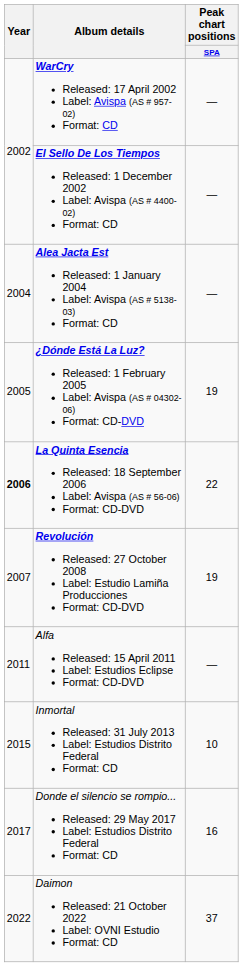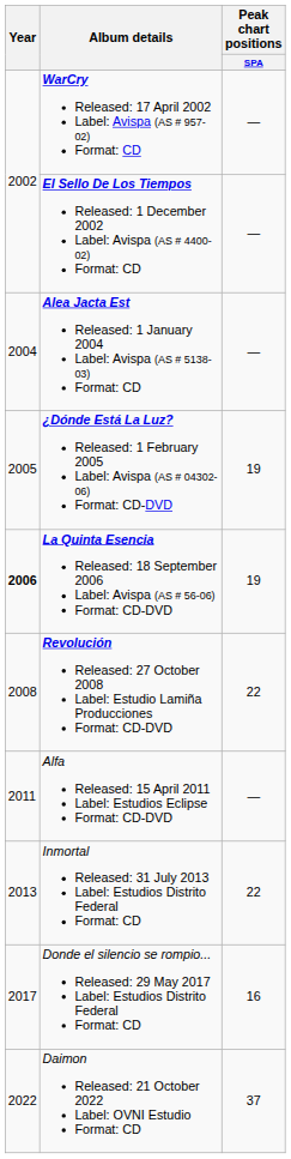 <table class ="wikitable">
 <tr>
 <th rowspan="2">Year</th>
 <th rowspan="2" width="220">Album details</th>
 <th colspan="1">Peak chart positions</th>
 </tr>
 <tr>
 <th style="width:3em;font-size:75%";center><a href='#'>SPA</a><br></th>
 </tr>
 <tr>
 <td align="center" rowspan="2">2002</td>
 <td><strong><em><a href='#'>WarCry</a></em></strong><br><ul><li>Released: 17 April 2002</li><li>Label: <a href='#'>Avispa</a> <small>(AS # 957-02)</small></li><li>Format: <a href='#'>CD</a></li></ul></td>
 <td align="center">—</td>
 </tr>
 <tr>
 <td><strong><em><a href='#'>El Sello De Los Tiempos</a></em></strong><br><ul><li>Released: 1 December 2002</li><li>Label: Avispa <small>(AS # 4400-02)</small></li><li>Format: CD</li></ul></td>
 <td align="center">—</td>
 </tr>
 <tr>
 <td>2004</td>
 <td><strong><em><a href='#'>Alea Jacta Est</a></em></strong><br><ul><li>Released: 1 January 2004</li><li>Label: Avispa <small>(AS # 5138-03)</small></li><li>Format: CD</li></ul></td>
 <td align="center">—</td>
 </tr>
 <tr>
 <td>2005</td>
 <td><strong><em><a href='#'>¿Dónde Está La Luz?</a></em></strong><br><ul><li>Released: 1 February 2005</li><li>Label: Avispa <small>(AS # 04302-06)</small></li><li>Format: CD-<a href='#'>DVD</a></li></ul></td>
 <td align="center">19<br></td>
 </tr>
 <tr>
 <td><strong>2006</strong></td>
 <td><strong><em><a href='#'>La Quinta Esencia</a></em></strong><br><ul><li>Released: 18 September 2006</li><li>Label: Avispa <small>(AS # 56-06)</small></li><li>Format: CD-DVD</li></ul></td>
-<td align="center">22</td>
+<td align="center">19</td>
 </tr>
 <tr>
-<td>2007</td>
+<td>2008</td>
 <td><strong><em><a href='#'>Revolución</a></em></strong><br><ul><li>Released: 27 October 2008</li><li>Label: Estudio Lamiña Producciones</li><li>Format: CD-DVD</li></ul></td>
-<td align="center">19</td>
+<td align="center">22</td>
 </tr>
 <tr>
 <td>2011</td>
 <td><em>Alfa</em><br><ul><li>Released: 15 April 2011</li><li>Label: Estudios Eclipse</li><li>Format: CD-DVD</li></ul></td>
 <td align="center">—</td>
 </tr>
 <tr>
-<td>2015</td>
+<td>2013</td>
 <td><em>Inmortal</em><br><ul><li>Released: 31 July 2013</li><li>Label: Estudios Distrito Federal</li><li>Format: CD</li></ul></td>
-<td align="center">10</td>
+<td align="center">22</td>
 </tr>
 <tr>
 <td>2017</td>
 <td><em>Donde el silencio se rompio...</em><br><ul><li>Released: 29 May 2017</li><li>Label: Estudios Distrito Federal</li><li>Format: CD</li></ul></td>
 <td align="center">16</td>
 </tr>
 <tr>
 <td>2022</td>
 <td><em>Daimon</em><br><ul><li>Released: 21 October 2022</li><li>Label: OVNI Estudio</li><li>Format: CD</li></ul></td>
 <td align="center">37</td>
 </tr>
 </table>
